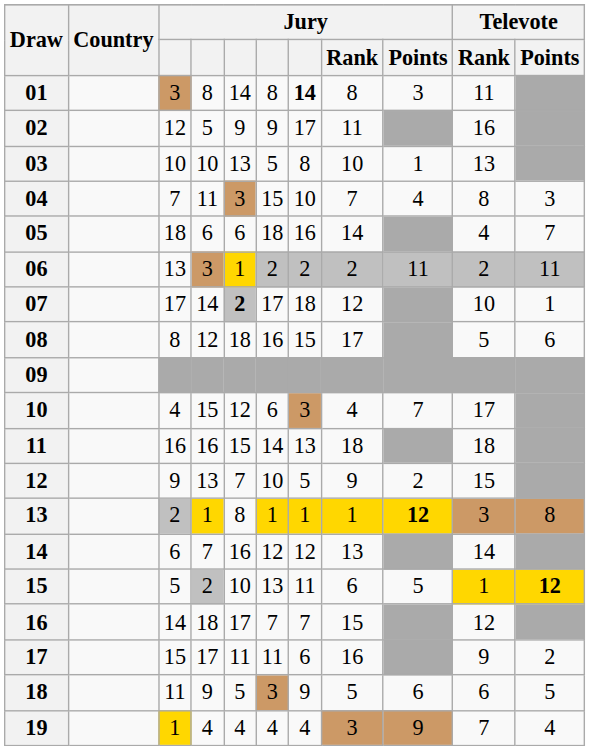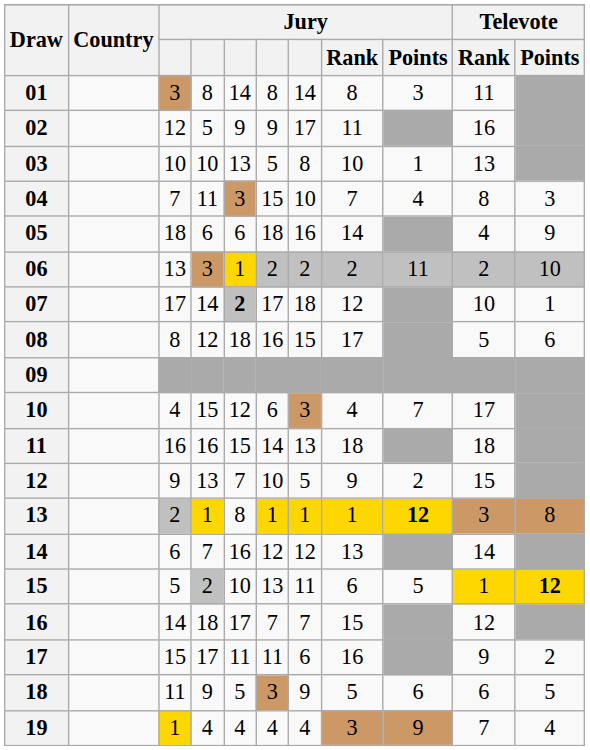 <table class="sortable wikitable collapsible plainrowheaders" style="text-align:center;">
 <tr>
 </tr>
 <tr>
 <th scope="col" rowspan="2">Draw</th>
 <th scope="col" rowspan="2">Country</th>
 <th scope="col" colspan="7">Jury</th>
 <th scope="col" colspan="2">Televote</th>
 </tr>
 <tr>
 <th scope="col"><small></small></th>
 <th scope="col"><small></small></th>
 <th scope="col"><small></small></th>
 <th scope="col"><small></small></th>
 <th scope="col"><small></small></th>
 <th scope="col">Rank</th>
 <th scope="col">Points</th>
 <th scope="col">Rank</th>
 <th scope="col">Points</th>
 </tr>
 <tr>
 <th scope="row" style="text-align:center;">01</th>
 <td style="text-align:left;"></td>
 <td style="background:#CC9966;">3</td>
 <td>8</td>
 <td>14</td>
 <td>8</td>
-<td><strong>14</strong></td>
+<td>14</td>
 <td>8</td>
 <td>3</td>
 <td>11</td>
 <td style="background:#AAAAAA;"></td>
 </tr>
 <tr>
 <th scope="row" style="text-align:center;">02</th>
 <td style="text-align:left;"></td>
 <td>12</td>
 <td>5</td>
 <td>9</td>
 <td>9</td>
 <td>17</td>
 <td>11</td>
 <td style="background:#AAAAAA;"></td>
 <td>16</td>
 <td style="background:#AAAAAA;"></td>
 </tr>
 <tr>
 <th scope="row" style="text-align:center;">03</th>
 <td style="text-align:left;"></td>
 <td>10</td>
 <td>10</td>
 <td>13</td>
 <td>5</td>
 <td>8</td>
 <td>10</td>
 <td>1</td>
 <td>13</td>
 <td style="background:#AAAAAA;"></td>
 </tr>
 <tr>
 <th scope="row" style="text-align:center;">04</th>
 <td style="text-align:left;"></td>
 <td>7</td>
 <td>11</td>
 <td style="background:#CC9966;">3</td>
 <td>15</td>
 <td>10</td>
 <td>7</td>
 <td>4</td>
 <td>8</td>
 <td>3</td>
 </tr>
 <tr>
 <th scope="row" style="text-align:center;">05</th>
 <td style="text-align:left;"></td>
 <td>18</td>
 <td>6</td>
 <td>6</td>
 <td>18</td>
 <td>16</td>
 <td>14</td>
 <td style="background:#AAAAAA;"></td>
 <td>4</td>
-<td>7</td>
+<td>9</td>
 </tr>
 <tr>
 <th scope="row" style="text-align:center;">06</th>
 <td style="text-align:left;"></td>
 <td>13</td>
 <td style="background:#CC9966;">3</td>
 <td style="background:gold;">1</td>
 <td style="background:silver;">2</td>
 <td style="background:silver;">2</td>
 <td style="background:silver;">2</td>
 <td style="background:silver;">11</td>
 <td style="background:silver;">2</td>
-<td style="background:silver;">11</td>
+<td style="background:silver;">10</td>
 </tr>
 <tr>
 <th scope="row" style="text-align:center;">07</th>
 <td style="text-align:left;"></td>
 <td>17</td>
 <td>14</td>
 <td style="background:silver;"><strong>2</strong></td>
 <td>17</td>
 <td>18</td>
 <td>12</td>
 <td style="background:#AAAAAA;"></td>
 <td>10</td>
 <td>1</td>
 </tr>
 <tr>
 <th scope="row" style="text-align:center;">08</th>
 <td style="text-align:left;"></td>
 <td>8</td>
 <td>12</td>
 <td>18</td>
 <td>16</td>
 <td>15</td>
 <td>17</td>
 <td style="background:#AAAAAA;"></td>
 <td>5</td>
 <td>6</td>
 </tr>
 <tr class="sortbottom">
 <th scope="row" style="text-align:center;">09</th>
 <td style="text-align:left;"></td>
 <td style="background:#AAAAAA;"></td>
 <td style="background:#AAAAAA;"></td>
 <td style="background:#AAAAAA;"></td>
 <td style="background:#AAAAAA;"></td>
 <td style="background:#AAAAAA;"></td>
 <td style="background:#AAAAAA;"></td>
 <td style="background:#AAAAAA;"></td>
 <td style="background:#AAAAAA;"></td>
 <td style="background:#AAAAAA;"></td>
 </tr>
 <tr>
 <th scope="row" style="text-align:center;">10</th>
 <td style="text-align:left;"></td>
 <td>4</td>
 <td>15</td>
 <td>12</td>
 <td>6</td>
 <td style="background:#CC9966;">3</td>
 <td>4</td>
 <td>7</td>
 <td>17</td>
 <td style="background:#AAAAAA;"></td>
 </tr>
 <tr>
 <th scope="row" style="text-align:center;">11</th>
 <td style="text-align:left;"></td>
 <td>16</td>
 <td>16</td>
 <td>15</td>
 <td>14</td>
 <td>13</td>
 <td>18</td>
 <td style="background:#AAAAAA;"></td>
 <td>18</td>
 <td style="background:#AAAAAA;"></td>
 </tr>
 <tr>
 <th scope="row" style="text-align:center;">12</th>
 <td style="text-align:left;"></td>
 <td>9</td>
 <td>13</td>
 <td>7</td>
 <td>10</td>
 <td>5</td>
 <td>9</td>
 <td>2</td>
 <td>15</td>
 <td style="background:#AAAAAA;"></td>
 </tr>
 <tr>
 <th scope="row" style="text-align:center;">13</th>
 <td style="text-align:left;"></td>
 <td style="background:silver;">2</td>
 <td style="background:gold;">1</td>
 <td>8</td>
 <td style="background:gold;">1</td>
 <td style="background:gold;">1</td>
 <td style="background:gold;">1</td>
 <td style="background:gold;"><strong>12</strong></td>
 <td style="background:#CC9966;">3</td>
 <td style="background:#CC9966;">8</td>
 </tr>
 <tr>
 <th scope="row" style="text-align:center;">14</th>
 <td style="text-align:left;"></td>
 <td>6</td>
 <td>7</td>
 <td>16</td>
 <td>12</td>
 <td>12</td>
 <td>13</td>
 <td style="background:#AAAAAA;"></td>
 <td>14</td>
 <td style="background:#AAAAAA;"></td>
 </tr>
 <tr>
 <th scope="row" style="text-align:center;">15</th>
 <td style="text-align:left;"></td>
 <td>5</td>
 <td style="background:silver;">2</td>
 <td>10</td>
 <td>13</td>
 <td>11</td>
 <td>6</td>
 <td>5</td>
 <td style="background:gold;">1</td>
 <td style="background:gold;"><strong>12</strong></td>
 </tr>
 <tr>
 <th scope="row" style="text-align:center;">16</th>
 <td style="text-align:left;"></td>
 <td>14</td>
 <td>18</td>
 <td>17</td>
 <td>7</td>
 <td>7</td>
 <td>15</td>
 <td style="background:#AAAAAA;"></td>
 <td>12</td>
 <td style="background:#AAAAAA;"></td>
 </tr>
 <tr>
 <th scope="row" style="text-align:center;">17</th>
 <td style="text-align:left;"></td>
 <td>15</td>
 <td>17</td>
 <td>11</td>
 <td>11</td>
 <td>6</td>
 <td>16</td>
 <td style="background:#AAAAAA;"></td>
 <td>9</td>
 <td>2</td>
 </tr>
 <tr>
 <th scope="row" style="text-align:center;">18</th>
 <td style="text-align:left;"></td>
 <td>11</td>
 <td>9</td>
 <td>5</td>
 <td style="background:#CC9966;">3</td>
 <td>9</td>
 <td>5</td>
 <td>6</td>
 <td>6</td>
 <td>5</td>
 </tr>
 <tr>
 <th scope="row" style="text-align:center;">19</th>
 <td style="text-align:left;"></td>
 <td style="background:gold;">1</td>
 <td>4</td>
 <td>4</td>
 <td>4</td>
 <td>4</td>
 <td style="background:#CC9966;">3</td>
 <td style="background:#CC9966;">9</td>
 <td>7</td>
 <td>4</td>
 </tr>
 </table>
